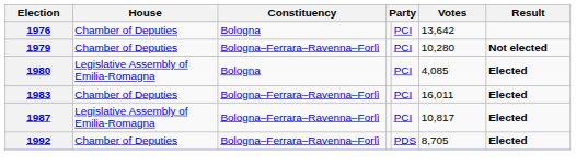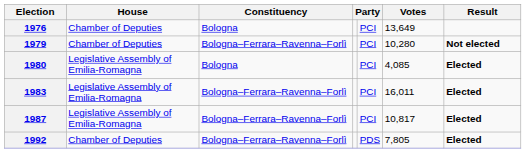 <table class=wikitable style="width:66%; border:1px #AAAAFF solid">
 <tr>
 <th width=12%>Election</th>
 <th width=26%>House</th>
 <th width=30%>Constituency</th>
 <th width=5% colspan="2">Party</th>
 <th width=12%>Votes</th>
 <th width=25%>Result</th>
 </tr>
 <tr>
 <th><a href='#'>1976</a></th>
 <td><a href='#'>Chamber of Deputies</a></td>
 <td><a href='#'>Bologna</a></td>
 <td></td>
 <td><a href='#'>PCI</a></td>
-<td>13,642</td>
+<td>13,649</td>
 <td></td>
 </tr>
 <tr>
 <th><a href='#'>1979</a></th>
 <td><a href='#'>Chamber of Deputies</a></td>
 <td><a href='#'>Bologna–Ferrara–Ravenna–Forlì</a></td>
 <td></td>
 <td><a href='#'>PCI</a></td>
 <td>10,280</td>
 <td> <strong>Not elected</strong></td>
 </tr>
 <tr>
 <th><a href='#'>1980</a></th>
 <td><a href='#'>Legislative Assembly of Emilia-Romagna</a></td>
 <td><a href='#'>Bologna</a></td>
 <td></td>
 <td><a href='#'>PCI</a></td>
 <td>4,085</td>
 <td> <strong>Elected</strong></td>
 </tr>
 <tr>
 <th><a href='#'>1983</a></th>
-<td><a href='#'>Chamber of Deputies</a></td>
+<td><a href='#'>Legislative Assembly of Emilia-Romagna</a></td>
 <td><a href='#'>Bologna–Ferrara–Ravenna–Forlì</a></td>
 <td></td>
 <td><a href='#'>PCI</a></td>
 <td>16,011</td>
 <td> <strong>Elected</strong></td>
 </tr>
 <tr>
 <th><a href='#'>1987</a></th>
 <td><a href='#'>Legislative Assembly of Emilia-Romagna</a></td>
 <td><a href='#'>Bologna–Ferrara–Ravenna–Forlì</a></td>
 <td></td>
 <td><a href='#'>PCI</a></td>
 <td>10,817</td>
 <td> <strong>Elected</strong></td>
 </tr>
 <tr>
 <th><a href='#'>1992</a></th>
 <td><a href='#'>Chamber of Deputies</a></td>
 <td><a href='#'>Bologna–Ferrara–Ravenna–Forlì</a></td>
 <td></td>
 <td><a href='#'>PDS</a></td>
-<td>8,705</td>
+<td>7,805</td>
 <td> <strong>Elected</strong></td>
 </tr>
 <tr>
 </tr>
 </table>
